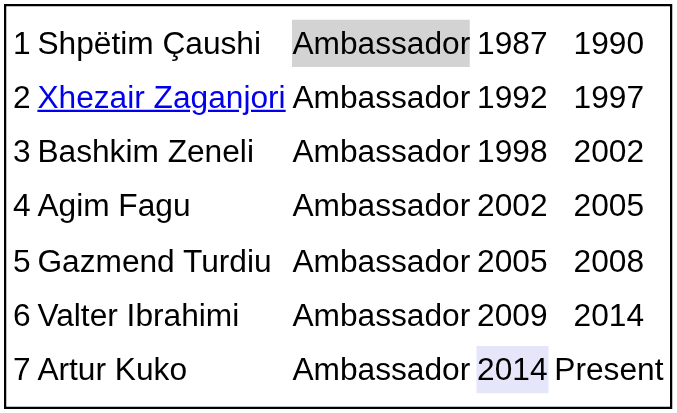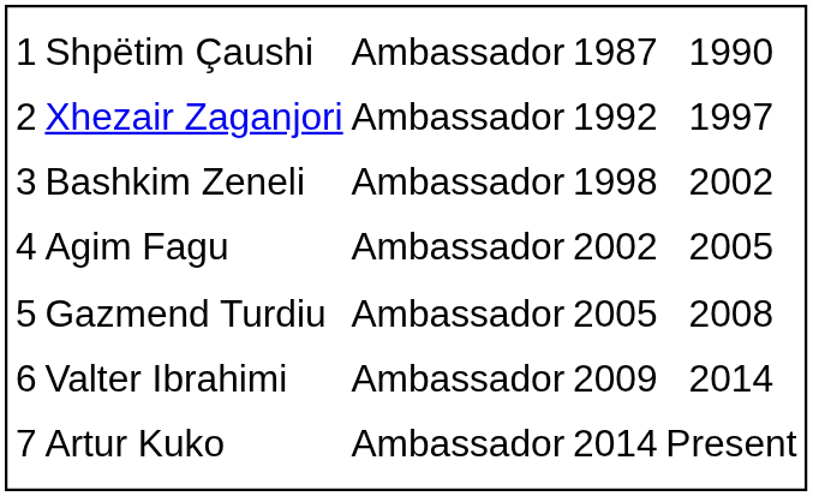 <table cellpadding="0" cellspacing="3" style="border:1px solid #000000; font-size:88%; line-height: 1.5em;">
 <tr>
 <td><strong></strong></td>
 <td><strong></strong></td>
 <td><strong></strong></td>
 <td colspan="2"></td>
 </tr>
 <tr>
 <td align=center>1</td>
 <td>Shpëtim Çaushi</td>
-<td style="background: lightgrey;">Ambassador</td>
+<td>Ambassador</td>
 <td align=center>1987</td>
 <td align=center>1990</td>
 </tr>
 <tr>
 <td align=center>2</td>
 <td><a href='#'>Xhezair Zaganjori</a></td>
 <td>Ambassador</td>
 <td align=center>1992</td>
 <td align=center>1997</td>
 </tr>
 <tr>
 <td align=center>3</td>
 <td>Bashkim Zeneli</td>
 <td>Ambassador</td>
 <td align=center>1998</td>
 <td align=center>2002</td>
 </tr>
 <tr>
 <td align=center>4</td>
 <td>Agim Fagu</td>
 <td>Ambassador</td>
 <td align=center>2002</td>
 <td align=center>2005</td>
 </tr>
 <tr>
 <td align=center>5</td>
 <td>Gazmend Turdiu</td>
 <td>Ambassador</td>
 <td align=center>2005</td>
 <td align=center>2008</td>
 </tr>
 <tr>
 <td align=center>6</td>
 <td>Valter Ibrahimi</td>
 <td>Ambassador</td>
 <td align=center>2009</td>
 <td align=center>2014</td>
 </tr>
 <tr>
 <td align=center>7</td>
 <td>Artur Kuko</td>
 <td>Ambassador</td>
-<td align=center style="background: lavender;">2014</td>
+<td align=center>2014</td>
 <td align=center>Present</td>
 </tr>
 <tr>
 </tr>
 </table>
